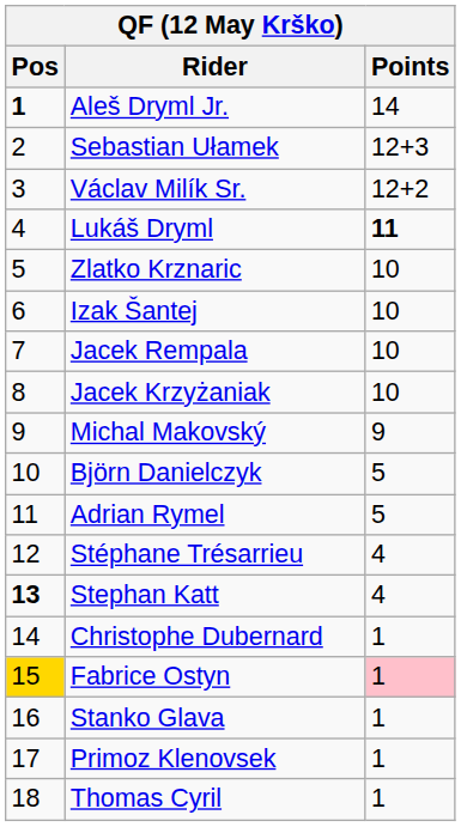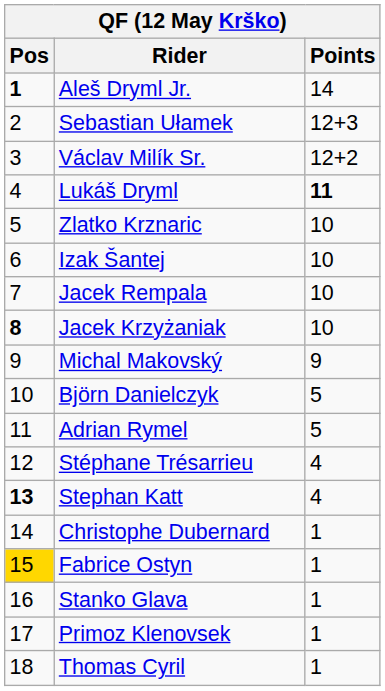 <table class="wikitable">
 <tr>
 <th colspan="6">QF (12 May  <a href='#'>Krško</a>)</th>
 </tr>
 <tr>
 <th width=20>Pos</th>
 <th width=180>Rider</th>
 <th width=40>Points</th>
 </tr>
 <tr>
 <td><strong>1</strong></td>
 <td style="text-align:left;"> <a href='#'>Aleš Dryml Jr.</a></td>
 <td>14</td>
 </tr>
 <tr>
 <td>2</td>
 <td style="text-align:left;"> <a href='#'>Sebastian Ułamek</a></td>
 <td>12+3</td>
 </tr>
 <tr>
 <td>3</td>
 <td style="text-align:left;"> <a href='#'>Václav Milík Sr.</a></td>
 <td>12+2</td>
 </tr>
 <tr>
 <td>4</td>
 <td style="text-align:left;"> <a href='#'>Lukáš Dryml</a></td>
 <td><strong>11</strong></td>
 </tr>
 <tr>
 <td>5</td>
 <td style="text-align:left;"> <a href='#'>Zlatko Krznaric</a></td>
 <td>10</td>
 </tr>
 <tr>
 <td>6</td>
 <td style="text-align:left;"> <a href='#'>Izak Šantej</a></td>
 <td>10</td>
 </tr>
 <tr>
 <td>7</td>
 <td style="text-align:left;"> <a href='#'>Jacek Rempala</a></td>
 <td>10</td>
 </tr>
 <tr>
-<td>8</td>
+<td><strong>8</strong></td>
 <td style="text-align:left;"> <a href='#'>Jacek Krzyżaniak</a></td>
 <td>10</td>
 </tr>
 <tr>
 <td>9</td>
 <td style="text-align:left;"> <a href='#'>Michal Makovský</a></td>
 <td>9</td>
 </tr>
 <tr>
 <td>10</td>
 <td style="text-align:left;"> <a href='#'>Björn Danielczyk</a></td>
 <td>5</td>
 </tr>
 <tr>
 <td>11</td>
 <td style="text-align:left;"> <a href='#'>Adrian Rymel</a></td>
 <td>5</td>
 </tr>
 <tr>
 <td>12</td>
 <td style="text-align:left;"> <a href='#'>Stéphane Trésarrieu</a></td>
 <td>4</td>
 </tr>
 <tr>
 <td><strong>13</strong></td>
 <td style="text-align:left;"> <a href='#'>Stephan Katt</a></td>
 <td>4</td>
 </tr>
 <tr>
 <td>14</td>
 <td style="text-align:left;"> <a href='#'>Christophe Dubernard</a></td>
 <td>1</td>
 </tr>
 <tr>
 <td style="background: gold;">15</td>
 <td style="text-align:left;"> <a href='#'>Fabrice Ostyn</a></td>
-<td style="background: pink;">1</td>
+<td>1</td>
 </tr>
 <tr>
 <td>16</td>
 <td style="text-align:left;"> <a href='#'>Stanko Glava</a></td>
 <td>1</td>
 </tr>
 <tr>
 <td>17</td>
 <td style="text-align:left;"> <a href='#'>Primoz Klenovsek</a></td>
 <td>1</td>
 </tr>
 <tr>
 <td>18</td>
 <td style="text-align:left;"> <a href='#'>Thomas Cyril</a></td>
 <td>1</td>
 </tr>
 </table>
